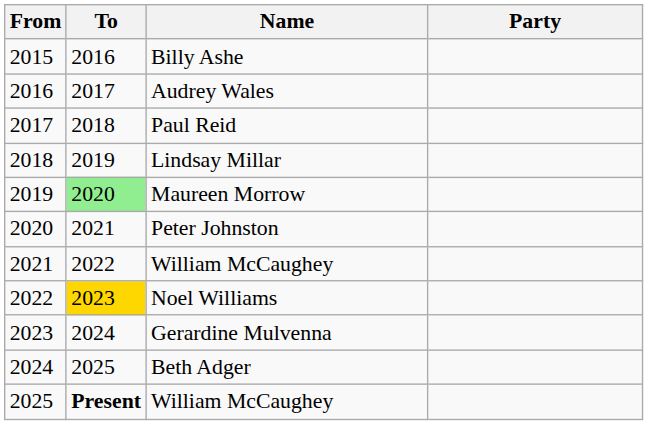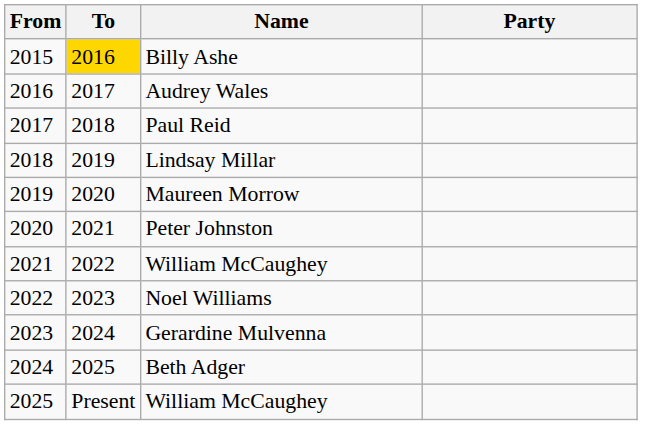 <table class="wikitable sortable">
 <tr>
 <th>From</th>
 <th>To</th>
 <th scope="col" width="200">Name</th>
 <th scope="col" width="150" colspan=2>Party</th>
 </tr>
 <tr>
 <td>2015</td>
-<td>2016</td>
+<td style="background: gold;">2016</td>
 <td>Billy Ashe</td>
 <td></td>
 </tr>
 <tr>
 <td>2016</td>
 <td>2017</td>
 <td>Audrey Wales</td>
 <td></td>
 </tr>
 <tr>
 <td>2017</td>
 <td>2018</td>
 <td>Paul Reid</td>
 <td></td>
 </tr>
 <tr>
 <td>2018</td>
 <td>2019</td>
 <td>Lindsay Millar</td>
 <td></td>
 </tr>
 <tr>
 <td>2019</td>
-<td style="background: lightgreen;">2020</td>
+<td>2020</td>
 <td>Maureen Morrow</td>
 <td></td>
 </tr>
 <tr>
 <td>2020</td>
 <td>2021</td>
 <td>Peter Johnston</td>
 <td></td>
 </tr>
 <tr>
 <td>2021</td>
 <td>2022</td>
 <td>William McCaughey</td>
 <td></td>
 </tr>
 <tr>
 <td>2022</td>
-<td style="background: gold;">2023</td>
+<td>2023</td>
 <td>Noel Williams</td>
 <td></td>
 </tr>
 <tr>
 <td>2023</td>
 <td>2024</td>
 <td>Gerardine Mulvenna</td>
 <td></td>
 </tr>
 <tr>
 <td>2024</td>
 <td>2025</td>
 <td>Beth Adger</td>
 <td></td>
 </tr>
 <tr>
 <td>2025</td>
-<td><strong>Present</strong></td>
+<td>Present</td>
 <td>William McCaughey</td>
 <td></td>
 </tr>
 </table>
